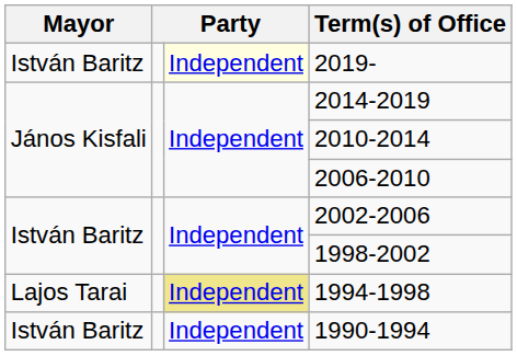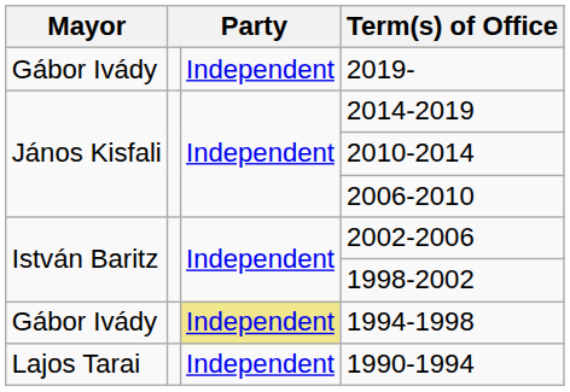 <table class="wikitable">
 <tr>
 <th>Mayor</th>
 <th colspan="2">Party</th>
 <th>Term(s) of Office</th>
 </tr>
 <tr>
-<td>István Baritz</td>
+<td>Gábor Ivády</td>
 <td style="background-color:"></td>
-<td style="background: lightyellow;"><a href='#'>Independent</a></td>
+<td><a href='#'>Independent</a></td>
 <td>2019-</td>
 </tr>
 <tr>
 <td rowspan="3">János Kisfali</td>
 <td rowspan="3" style="background-color:"></td>
 <td rowspan="3"><a href='#'>Independent</a></td>
 <td>2014-2019</td>
 </tr>
 <tr>
 <td>2010-2014</td>
 </tr>
 <tr>
 <td>2006-2010</td>
 </tr>
 <tr>
 <td rowspan="2">István Baritz</td>
 <td rowspan="2" style="background-color:"></td>
 <td rowspan="2"><a href='#'>Independent</a></td>
 <td>2002-2006</td>
 </tr>
 <tr>
 <td>1998-2002</td>
 </tr>
 <tr>
-<td>Lajos Tarai</td>
+<td>Gábor Ivády</td>
 <td style="background-color:"></td>
 <td style="background: khaki;"><a href='#'>Independent</a></td>
 <td>1994-1998</td>
 </tr>
 <tr>
-<td>István Baritz</td>
+<td>Lajos Tarai</td>
 <td style="background-color:"></td>
 <td><a href='#'>Independent</a></td>
 <td>1990-1994</td>
 </tr>
 </table>
